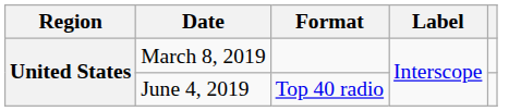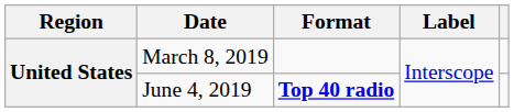 <table class="wikitable sortable plainrowheaders">
 <tr>
 <th scope="col">Region</th>
 <th scope="col">Date</th>
 <th scope="col">Format</th>
 <th scope="col">Label</th>
 <th scope="col"></th>
 </tr>
 <tr>
 <th scope="row" rowspan="2">United States</th>
 <td>March 8, 2019</td>
 <td></td>
 <td rowspan="2"><a href='#'>Interscope</a></td>
 <td></td>
 </tr>
 <tr>
 <td>June 4, 2019</td>
-<td><a href='#'>Top 40 radio</a></td>
+<td><strong><a href='#'>Top 40 radio</a></strong></td>
 <td></td>
 </tr>
 </table>
